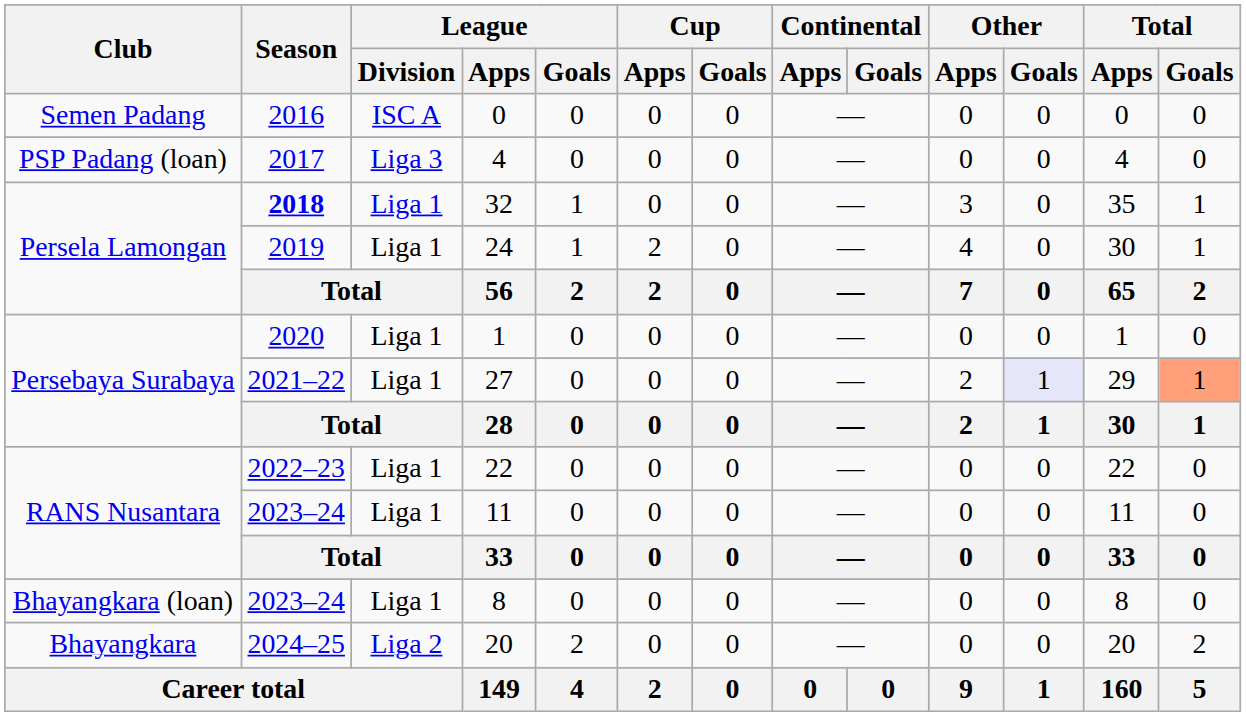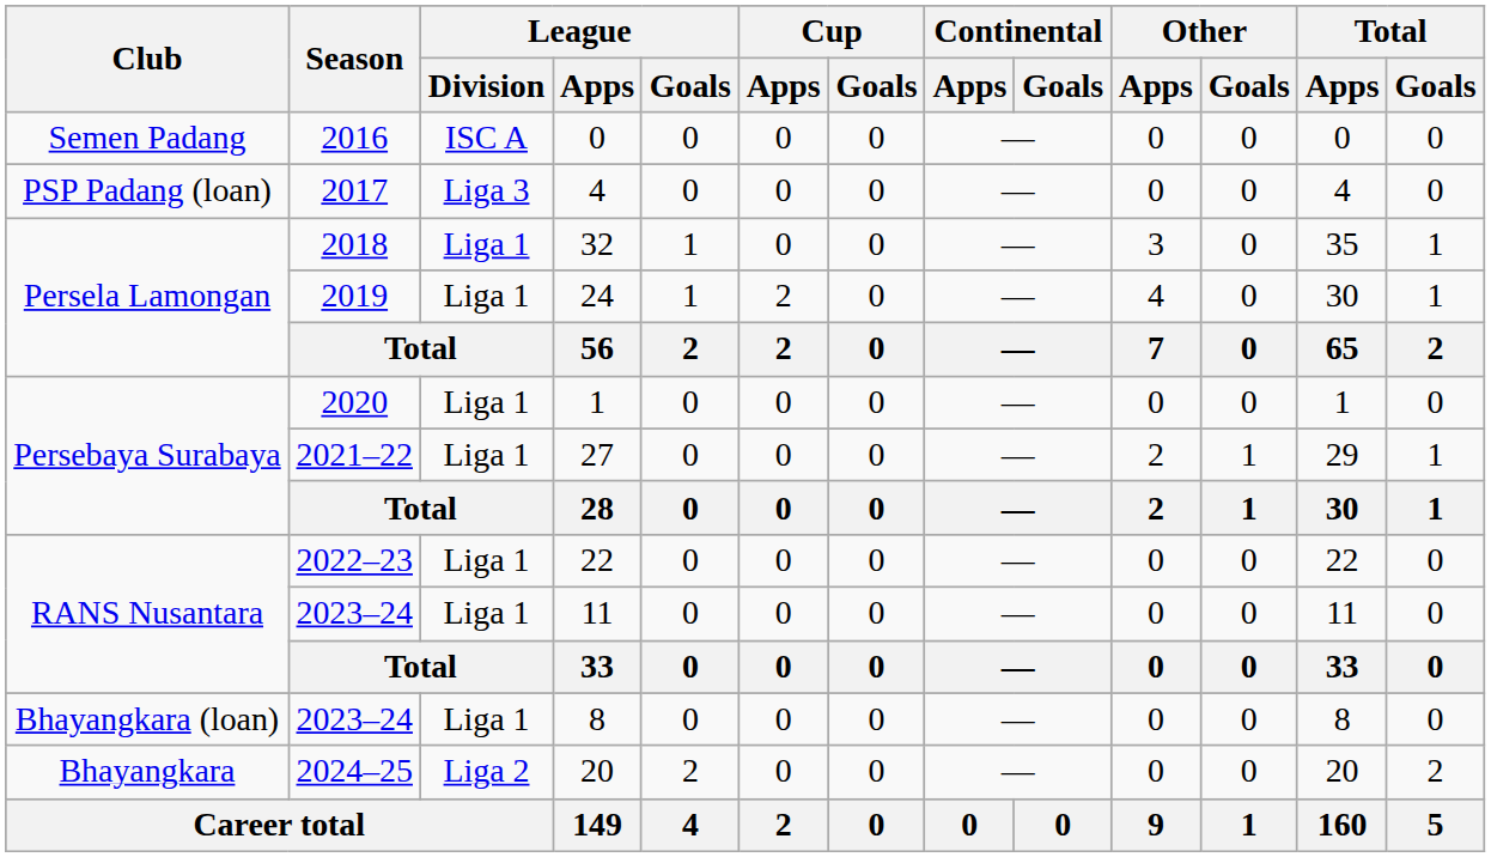 <table class="wikitable" style="text-align:center">
 <tr>
 <th rowspan="2">Club</th>
 <th rowspan="2">Season</th>
 <th colspan="3">League</th>
 <th colspan="2">Cup</th>
 <th colspan="2">Continental</th>
 <th colspan="2">Other</th>
 <th colspan="2">Total</th>
 </tr>
 <tr>
 <th>Division</th>
 <th>Apps</th>
 <th>Goals</th>
 <th>Apps</th>
 <th>Goals</th>
 <th>Apps</th>
 <th>Goals</th>
 <th>Apps</th>
 <th>Goals</th>
 <th>Apps</th>
 <th>Goals</th>
 </tr>
 <tr>
 <td><a href='#'>Semen Padang</a></td>
 <td><a href='#'>2016</a></td>
 <td><a href='#'>ISC A</a></td>
 <td>0</td>
 <td>0</td>
 <td>0</td>
 <td>0</td>
 <td colspan="2">—</td>
 <td>0</td>
 <td>0</td>
 <td>0</td>
 <td>0</td>
 </tr>
 <tr>
 <td><a href='#'>PSP Padang</a> (loan)</td>
 <td><a href='#'>2017</a></td>
 <td><a href='#'>Liga 3</a></td>
 <td>4</td>
 <td>0</td>
 <td>0</td>
 <td>0</td>
 <td colspan="2">—</td>
 <td>0</td>
 <td>0</td>
 <td>4</td>
 <td>0</td>
 </tr>
 <tr>
 <td rowspan="3" valign="center"><a href='#'>Persela Lamongan</a></td>
-<td><strong><a href='#'>2018</a></strong></td>
+<td><a href='#'>2018</a></td>
 <td rowspan="1" valign="center"><a href='#'>Liga 1</a></td>
 <td>32</td>
 <td>1</td>
 <td>0</td>
 <td>0</td>
 <td colspan="2">—</td>
 <td>3</td>
 <td>0</td>
 <td>35</td>
 <td>1</td>
 </tr>
 <tr>
 <td><a href='#'>2019</a></td>
 <td rowspan="1" valign="center">Liga 1</td>
 <td>24</td>
 <td>1</td>
 <td>2</td>
 <td>0</td>
 <td colspan="2">—</td>
 <td>4</td>
 <td>0</td>
 <td>30</td>
 <td>1</td>
 </tr>
 <tr>
 <th colspan="2">Total</th>
 <th>56</th>
 <th>2</th>
 <th>2</th>
 <th>0</th>
 <th colspan="2">—</th>
 <th>7</th>
 <th>0</th>
 <th>65</th>
 <th>2</th>
 </tr>
 <tr>
 <td rowspan="3" valign="center"><a href='#'>Persebaya Surabaya</a></td>
 <td><a href='#'>2020</a></td>
 <td rowspan="1" valign="center">Liga 1</td>
 <td>1</td>
 <td>0</td>
 <td>0</td>
 <td>0</td>
 <td colspan="2">—</td>
 <td>0</td>
 <td>0</td>
 <td>1</td>
 <td>0</td>
 </tr>
 <tr>
 <td><a href='#'>2021–22</a></td>
 <td rowspan="1" valign="center">Liga 1</td>
 <td>27</td>
 <td>0</td>
 <td>0</td>
 <td>0</td>
 <td colspan="2">—</td>
 <td>2</td>
-<td style="background: lavender;">1</td>
+<td>1</td>
 <td>29</td>
-<td style="background: lightsalmon;">1</td>
+<td>1</td>
 </tr>
 <tr>
 <th colspan="2">Total</th>
 <th>28</th>
 <th>0</th>
 <th>0</th>
 <th>0</th>
 <th colspan="2">—</th>
 <th>2</th>
 <th>1</th>
 <th>30</th>
 <th>1</th>
 </tr>
 <tr>
 <td rowspan="3"><a href='#'>RANS Nusantara</a></td>
 <td><a href='#'>2022–23</a></td>
 <td rowspan="1">Liga 1</td>
 <td>22</td>
 <td>0</td>
 <td>0</td>
 <td>0</td>
 <td colspan="2">—</td>
 <td>0</td>
 <td>0</td>
 <td>22</td>
 <td>0</td>
 </tr>
 <tr>
 <td><a href='#'>2023–24</a></td>
 <td rowspan="1">Liga 1</td>
 <td>11</td>
 <td>0</td>
 <td>0</td>
 <td>0</td>
 <td colspan="2">—</td>
 <td>0</td>
 <td>0</td>
 <td>11</td>
 <td>0</td>
 </tr>
 <tr>
 <th colspan="2">Total</th>
 <th>33</th>
 <th>0</th>
 <th>0</th>
 <th>0</th>
 <th colspan="2">—</th>
 <th>0</th>
 <th>0</th>
 <th>33</th>
 <th>0</th>
 </tr>
 <tr>
 <td rowspan="1"><a href='#'>Bhayangkara</a> (loan)</td>
 <td><a href='#'>2023–24</a></td>
 <td rowspan="1">Liga 1</td>
 <td>8</td>
 <td>0</td>
 <td>0</td>
 <td>0</td>
 <td colspan="2">—</td>
 <td>0</td>
 <td>0</td>
 <td>8</td>
 <td>0</td>
 </tr>
 <tr>
 <td rowspan="1"><a href='#'>Bhayangkara</a></td>
 <td><a href='#'>2024–25</a></td>
 <td><a href='#'>Liga 2</a></td>
 <td>20</td>
 <td>2</td>
 <td>0</td>
 <td>0</td>
 <td colspan="2">—</td>
 <td>0</td>
 <td>0</td>
 <td>20</td>
 <td>2</td>
 </tr>
 <tr>
 <th colspan="3">Career total</th>
 <th>149</th>
 <th>4</th>
 <th>2</th>
 <th>0</th>
 <th>0</th>
 <th>0</th>
 <th>9</th>
 <th>1</th>
 <th>160</th>
 <th>5</th>
 </tr>
 </table>
